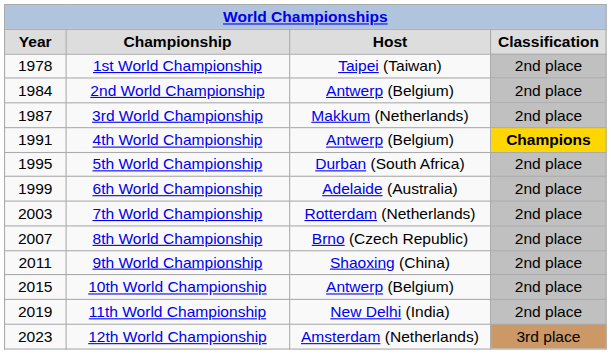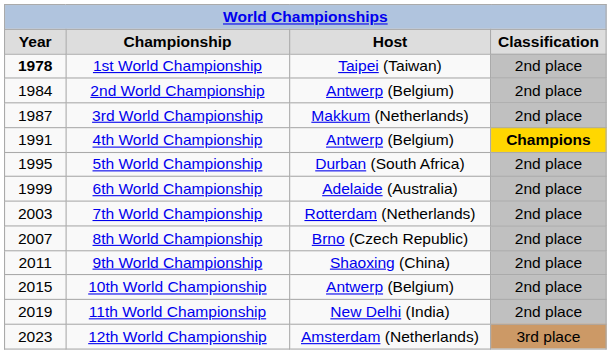 <table class="wikitable" style=font-size:90%>
 <tr align=center style="background:#B0C4DE;">
 <td colspan=4><strong><a href='#'>World Championships</a></strong></td>
 </tr>
 <tr align=center bgcolor="#dddddd">
 <td width=50><strong>Year</strong></td>
 <td width=200><strong>Championship</strong></td>
 <td width=180><strong>Host</strong></td>
 <td width=100><strong>Classification</strong></td>
 </tr>
 <tr align=center>
-<td>1978</td>
+<td><strong>1978</strong></td>
 <td><a href='#'>1st World Championship</a></td>
 <td><a href='#'>Taipei</a> (Taiwan)</td>
 <td bgcolor="silver" align="center"> 2nd place</td>
 </tr>
 <tr align=center>
 <td>1984</td>
 <td><a href='#'>2nd World Championship</a></td>
 <td><a href='#'>Antwerp</a> (Belgium)</td>
 <td bgcolor="silver" align="center"> 2nd place</td>
 </tr>
 <tr align=center>
 <td>1987</td>
 <td><a href='#'>3rd World Championship</a></td>
 <td><a href='#'>Makkum</a> (Netherlands)</td>
 <td bgcolor="silver" align="center"> 2nd place</td>
 </tr>
 <tr align=center>
 <td>1991</td>
 <td><a href='#'>4th World Championship</a></td>
 <td><a href='#'>Antwerp</a> (Belgium)</td>
 <td bgcolor="gold" align="center">  <strong>Champions</strong></td>
 </tr>
 <tr align=center>
 <td>1995</td>
 <td><a href='#'>5th World Championship</a></td>
 <td><a href='#'>Durban</a> (South Africa)</td>
 <td bgcolor="silver" align="center"> 2nd place</td>
 </tr>
 <tr align=center>
 <td>1999</td>
 <td><a href='#'>6th World Championship</a></td>
 <td><a href='#'>Adelaide</a> (Australia)</td>
 <td bgcolor="silver" align="center"> 2nd place</td>
 </tr>
 <tr align=center>
 <td>2003</td>
 <td><a href='#'>7th World Championship</a></td>
 <td><a href='#'>Rotterdam</a> (Netherlands)</td>
 <td bgcolor="silver" align="center"> 2nd place</td>
 </tr>
 <tr align=center>
 <td>2007</td>
 <td><a href='#'>8th World Championship</a></td>
 <td><a href='#'>Brno</a> (Czech Republic)</td>
 <td bgcolor="silver" align="center"> 2nd place</td>
 </tr>
 <tr align=center>
 <td>2011</td>
 <td><a href='#'>9th World Championship</a></td>
 <td><a href='#'>Shaoxing</a> (China)</td>
 <td bgcolor="silver" align="center"> 2nd place</td>
 </tr>
 <tr align=center>
 <td>2015</td>
 <td><a href='#'>10th World Championship</a></td>
 <td><a href='#'>Antwerp</a> (Belgium)</td>
 <td bgcolor="silver" align="center"> 2nd place</td>
 </tr>
 <tr align=center>
 <td>2019</td>
 <td><a href='#'>11th World Championship</a></td>
 <td><a href='#'>New Delhi</a> (India)</td>
 <td bgcolor="silver" align="center"> 2nd place</td>
 </tr>
 <tr align=center>
 <td>2023</td>
 <td><a href='#'>12th World Championship</a></td>
 <td><a href='#'>Amsterdam</a> (Netherlands)</td>
 <td bgcolor="#CC9966" align="center"> 3rd place</td>
 </tr>
 </table>
